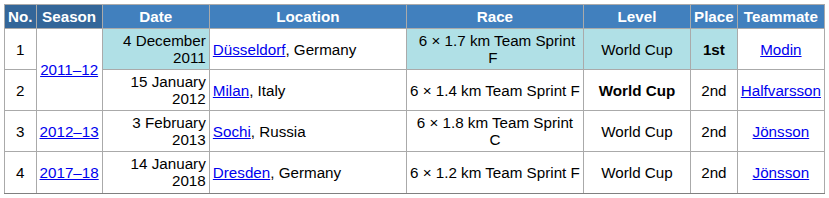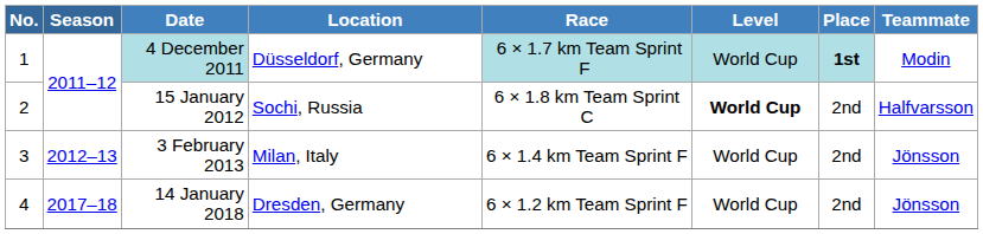 <table class="wikitable sortable" style="font-size:95%; text-align:center; border:grey solid 1px; border-collapse:collapse; background:#ffffff;">
 <tr style="background:#efefef;">
 <th style="background-color:#369; color:white;">No.</th>
 <th style="background-color:#369; color:white;">Season</th>
 <th style="background-color:#4180be; color:white; width:100px;">Date</th>
 <th style="background-color:#4180be; color:white; width:190px;">Location</th>
 <th style="background-color:#4180be; color:white; width:170px;">Race</th>
 <th style="background-color:#4180be; color:white; width:100px;">Level</th>
 <th style="background-color:#4180be; color:white;">Place</th>
 <th style="background-color:#4180be; color:white;">Teammate</th>
 </tr>
 <tr>
 <td align=center>1</td>
 <td rowspan=2 align=center><a href='#'>2011–12</a></td>
 <td bgcolor="#BOEOE6" align=right>4 December 2011</td>
 <td align=left> <a href='#'>Düsseldorf</a>, Germany</td>
 <td bgcolor="#BOEOE6"> 6 × 1.7 km Team Sprint F </td>
 <td bgcolor="#BOEOE6">World Cup</td>
 <td bgcolor="#BOEOE6"> <strong>1st</strong> </td>
 <td><a href='#'>Modin</a></td>
 </tr>
 <tr>
 <td align=center>2</td>
 <td align=right>15 January 2012</td>
-<td align=left> <a href='#'>Milan</a>, Italy</td>
-<td>6 × 1.4 km Team Sprint F</td>
+<td align=left> <a href='#'>Sochi</a>, Russia</td>
+<td>6 × 1.8 km Team Sprint C</td>
 <td><strong>World Cup</strong></td>
 <td>2nd</td>
 <td><a href='#'>Halfvarsson</a></td>
 </tr>
 <tr>
 <td align=center>3</td>
 <td rowspan=1 align=center><a href='#'>2012–13</a></td>
 <td align=right>3 February 2013</td>
-<td align=left> <a href='#'>Sochi</a>, Russia</td>
-<td>6 × 1.8 km Team Sprint C</td>
+<td align=left> <a href='#'>Milan</a>, Italy</td>
+<td>6 × 1.4 km Team Sprint F</td>
 <td>World Cup</td>
 <td>2nd</td>
 <td><a href='#'>Jönsson</a></td>
 </tr>
 <tr>
 <td align=center>4</td>
 <td rowspan=1 align=center><a href='#'>2017–18</a></td>
 <td align=right>14 January 2018</td>
 <td align=left> <a href='#'>Dresden</a>, Germany</td>
 <td>6 × 1.2 km Team Sprint F</td>
 <td>World Cup</td>
 <td>2nd</td>
 <td><a href='#'>Jönsson</a></td>
 </tr>
 <tr>
 </tr>
 </table>
